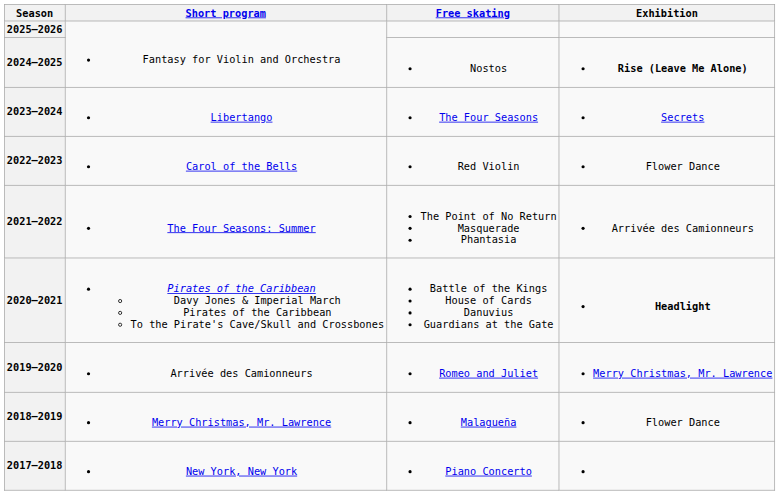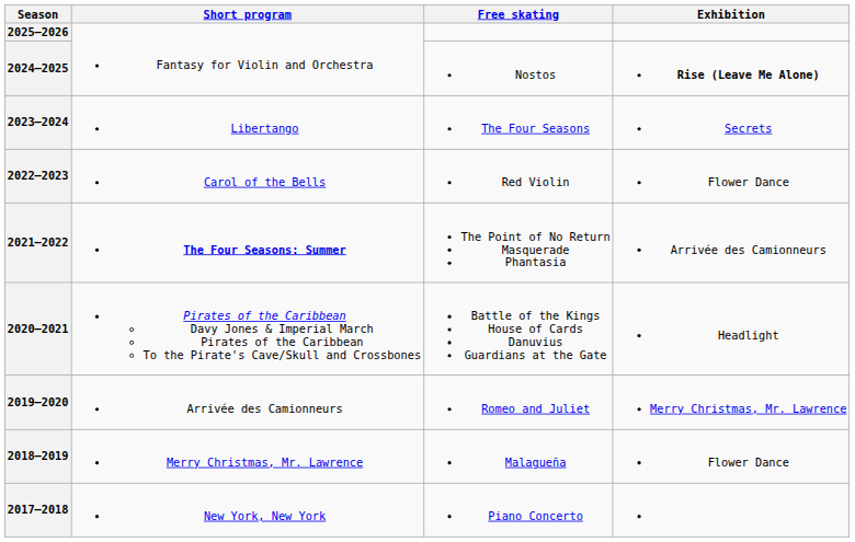 <table class=wikitable style=text-align:center>
 <tr>
 <th>Season</th>
 <th><a href='#'>Short program</a></th>
 <th><a href='#'>Free skating</a></th>
 <th>Exhibition</th>
 </tr>
 <tr>
 <th>2025–2026 <br> </th>
 <td rowspan=2><br><ul><li>Fantasy for Violin and Orchestra <br></li></ul></td>
 <td></td>
 <td></td>
 </tr>
 <tr>
 <th>2024–2025 <br> </th>
 <td><br><ul><li>Nostos <br> </li></ul></td>
 <td><strong><br><ul><li>Rise (Leave Me Alone) <br></li></ul></strong></td>
 </tr>
 <tr>
 <th>2023–2024<br></th>
 <td><br><ul><li><a href='#'>Libertango</a> <br></li></ul></td>
 <td><br><ul><li><a href='#'>The Four Seasons</a> <br> </li></ul></td>
 <td><br><ul><li><a href='#'>Secrets</a> <br></li></ul></td>
 </tr>
 <tr>
 <th>2022–2023<br></th>
 <td><br><ul><li><a href='#'>Carol of the Bells</a><br></li></ul></td>
 <td><br><ul><li>Red Violin<br></li></ul></td>
 <td><br><ul><li>Flower Dance<br></li></ul></td>
 </tr>
 <tr>
 <th>2021–2022 <br></th>
-<td><br><ul><li><a href='#'>The Four Seasons: Summer</a> <br></li></ul></td>
+<td><strong><br><ul><li><a href='#'>The Four Seasons: Summer</a> <br></li></ul></strong></td>
 <td><br><ul><li>The Point of No Return</li><li>Masquerade<br></li><li>Phantasia<br></li></ul></td>
 <td><br><ul><li>Arrivée des Camionneurs<br></li></ul></td>
 </tr>
 <tr>
 <th>2020–2021<br></th>
 <td><br><ul><li><em><a href='#'>Pirates of the Caribbean</a></em><ul><li>Davy Jones & Imperial March <br></li><li>Pirates of the Caribbean <br></li><li>To the Pirate's Cave/Skull and Crossbones <br></li></ul></li></ul></td>
 <td><br><ul><li>Battle of the Kings</li><li>House of Cards</li><li>Danuvius</li><li>Guardians at the Gate <br></li></ul></td>
-<td><strong><br><ul><li>Headlight <br> </li></ul></strong></td>
+<td><br><ul><li>Headlight <br> </li></ul></td>
 </tr>
 <tr>
 <th>2019–2020 <br></th>
 <td><br><ul><li>Arrivée des Camionneurs<br></li></ul></td>
 <td><br><ul><li><a href='#'>Romeo and Juliet</a> <br></li></ul></td>
 <td><br><ul><li><a href='#'>Merry Christmas, Mr. Lawrence</a> </li></ul></td>
 </tr>
 <tr>
 <th>2018–2019 <br></th>
 <td><br><ul><li><a href='#'>Merry Christmas, Mr. Lawrence</a> <br></li></ul></td>
 <td><br><ul><li><a href='#'>Malagueña</a><br></li></ul></td>
 <td><br><ul><li>Flower Dance <br></li></ul></td>
 </tr>
 <tr>
 <th>2017–2018 <br></th>
 <td><br><ul><li><a href='#'>New York, New York</a> <br></li></ul></td>
 <td><br><ul><li><a href='#'>Piano Concerto</a> <br></li></ul></td>
 <td><br><ul><li></li></ul></td>
 </tr>
 </table>
